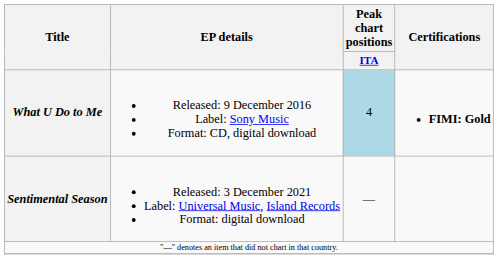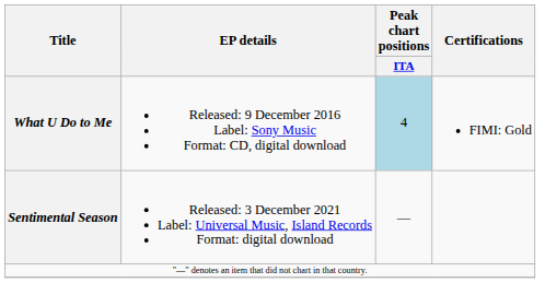 <table class="wikitable plainrowheaders" style="text-align:center;">
 <tr>
 <th scope="col" rowspan="2">Title</th>
 <th scope="col" rowspan="2">EP details</th>
 <th scope="col" colspan="1">Peak chart positions</th>
 <th scope="col" rowspan="2">Certifications</th>
 </tr>
 <tr>
 <th scope="col" style="width:3em;font-size:90%;"><a href='#'>ITA</a></th>
 </tr>
 <tr>
 <th scope="row"><em>What U Do to Me</em></th>
 <td><br><ul><li>Released: 9 December 2016</li><li>Label: <a href='#'>Sony Music</a></li><li>Format: CD, digital download</li></ul></td>
 <td style="background: lightblue;">4</td>
-<td><strong><br><ul><li>FIMI: Gold</li></ul></strong></td>
+<td><br><ul><li>FIMI: Gold</li></ul></td>
 </tr>
 <tr>
 <th scope="row"><em>Sentimental Season</em></th>
 <td><br><ul><li>Released: 3 December 2021</li><li>Label: <a href='#'>Universal Music</a>, <a href='#'>Island Records</a></li><li>Format: digital download</li></ul></td>
 <td>—</td>
 <td></td>
 </tr>
 <tr>
 <td colspan="5" style="text-align:center; font-size:8pt;">"—" denotes an item that did not chart in that country.</td>
 </tr>
 <tr>
 </tr>
 </table>
